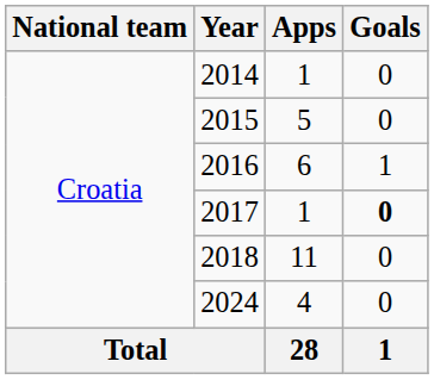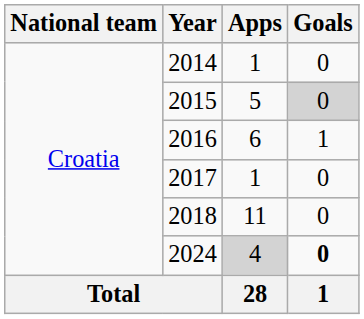 <table class="wikitable" style="text-align:center">
 <tr>
 <th>National team</th>
 <th>Year</th>
 <th>Apps</th>
 <th>Goals</th>
 </tr>
 <tr>
 <td rowspan="6"><a href='#'>Croatia</a></td>
 <td>2014</td>
 <td>1</td>
 <td>0</td>
 </tr>
 <tr>
 <td>2015</td>
 <td>5</td>
-<td>0</td>
+<td style="background: lightgrey;">0</td>
 </tr>
 <tr>
 <td>2016</td>
 <td>6</td>
 <td>1</td>
 </tr>
 <tr>
 <td>2017</td>
 <td>1</td>
-<td><strong>0</strong></td>
+<td>0</td>
 </tr>
 <tr>
 <td>2018</td>
 <td>11</td>
 <td>0</td>
 </tr>
 <tr>
 <td>2024</td>
-<td>4</td>
-<td>0</td>
+<td style="background: lightgrey;">4</td>
+<td><strong>0</strong></td>
 </tr>
 <tr>
 <th colspan="2">Total</th>
 <th>28</th>
 <th>1</th>
 </tr>
 </table>
